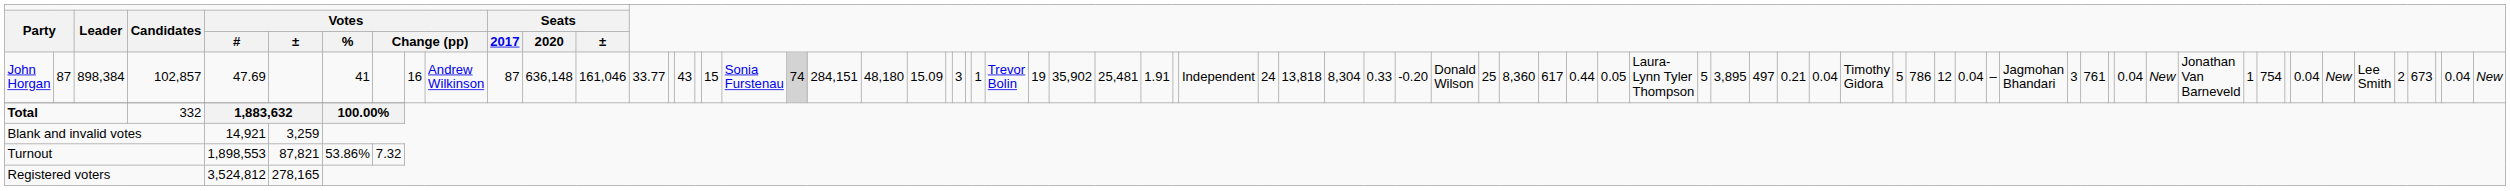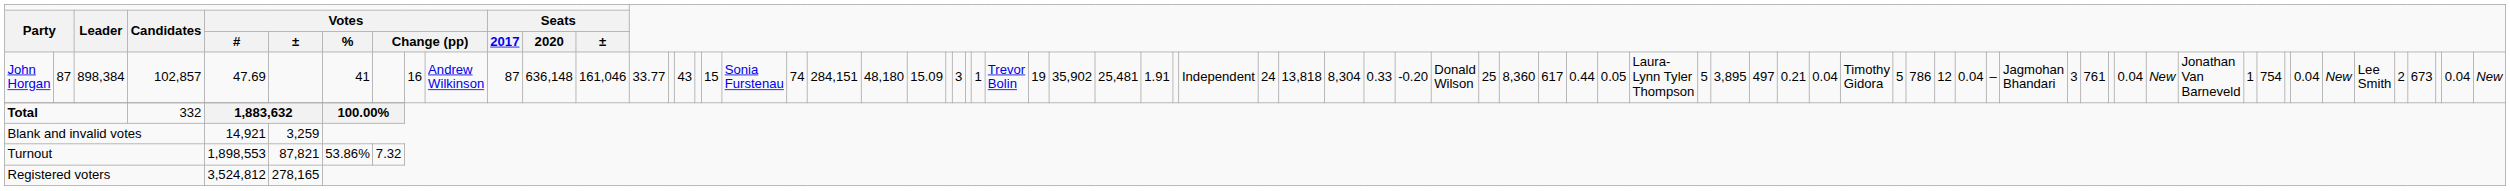 <table class="wikitable" style="text-align:right;">
 <tr>
 <td style="text-align: center;" colspan=13></td>
 </tr>
 <tr>
 <th rowspan="2" colspan="2" style="width:15%">Party</th>
 <th rowspan="2">Leader</th>
 <th rowspan="2">Candidates</th>
 <th colspan="6">Votes</th>
 <th colspan="3">Seats</th>
 </tr>
 <tr>
 <th>#</th>
 <th>±</th>
 <th>%</th>
 <th colspan="3">Change (pp)</th>
 <th><a href='#'>2017</a></th>
 <th>2020</th>
 <th>±</th>
 </tr>
 <tr>
 <td style="text-align: left;"><a href='#'>John Horgan</a></td>
 <td>87</td>
 <td>898,384</td>
 <td>102,857</td>
 <td>47.69</td>
 <td></td>
 <td>41</td>
 <td></td>
 <td>16<br></td>
 <td style="text-align: left;"><a href='#'>Andrew Wilkinson</a></td>
 <td>87</td>
 <td>636,148</td>
 <td>161,046</td>
 <td>33.77</td>
 <td></td>
 <td>43</td>
 <td></td>
 <td>15<br></td>
 <td style="text-align: left;"><a href='#'>Sonia Furstenau</a></td>
-<td style="background: lightgrey;">74</td>
+<td>74</td>
 <td>284,151</td>
 <td>48,180</td>
 <td>15.09</td>
 <td></td>
 <td>3</td>
 <td></td>
 <td>1<br></td>
 <td style="text-align: left;"><a href='#'>Trevor Bolin</a></td>
 <td>19</td>
 <td>35,902</td>
 <td>25,481</td>
 <td>1.91</td>
 <td><br></td>
 <td style="text-align: left;" colspan="2">Independent</td>
 <td>24</td>
 <td>13,818</td>
 <td>8,304</td>
 <td>0.33</td>
 <td>-0.20<br></td>
 <td style="text-align: left;">Donald Wilson</td>
 <td>25</td>
 <td>8,360</td>
 <td>617</td>
 <td>0.44</td>
 <td>0.05<br></td>
 <td style="text-align: left;">Laura-Lynn Tyler Thompson</td>
 <td>5</td>
 <td>3,895</td>
 <td>497</td>
 <td>0.21</td>
 <td>0.04<br></td>
 <td style="text-align: left;">Timothy Gidora</td>
 <td>5</td>
 <td>786</td>
 <td>12</td>
 <td>0.04</td>
 <td>–<br></td>
 <td style="text-align: left;">Jagmohan Bhandari</td>
 <td>3</td>
 <td>761</td>
 <td></td>
 <td>0.04</td>
 <td><em>New</em><br></td>
 <td style="text-align: left;">Jonathan Van Barneveld</td>
 <td>1</td>
 <td>754</td>
 <td></td>
 <td>0.04</td>
 <td><em>New</em><br></td>
 <td style="text-align: left;">Lee Smith</td>
 <td>2</td>
 <td>673</td>
 <td></td>
 <td>0.04</td>
 <td><em>New</em></td>
 </tr>
 <tr>
 </tr>
 <tr>
 <td colspan="3" style="text-align: left;"><strong>Total</strong></td>
 <td>332</td>
 <th colspan="2">1,883,632</th>
 <th colspan="2">100.00%</th>
 </tr>
 <tr>
 <td colspan="4" style="text-align:left;">Blank and invalid votes</td>
 <td>14,921</td>
 <td>3,259</td>
 </tr>
 <tr>
 <td colspan="4" style="text-align:left;">Turnout</td>
 <td>1,898,553</td>
 <td>87,821</td>
 <td>53.86%</td>
 <td>7.32</td>
 </tr>
 <tr>
 <td colspan="4" style="text-align:left;">Registered voters</td>
 <td>3,524,812</td>
 <td>278,165</td>
 </tr>
 </table>
